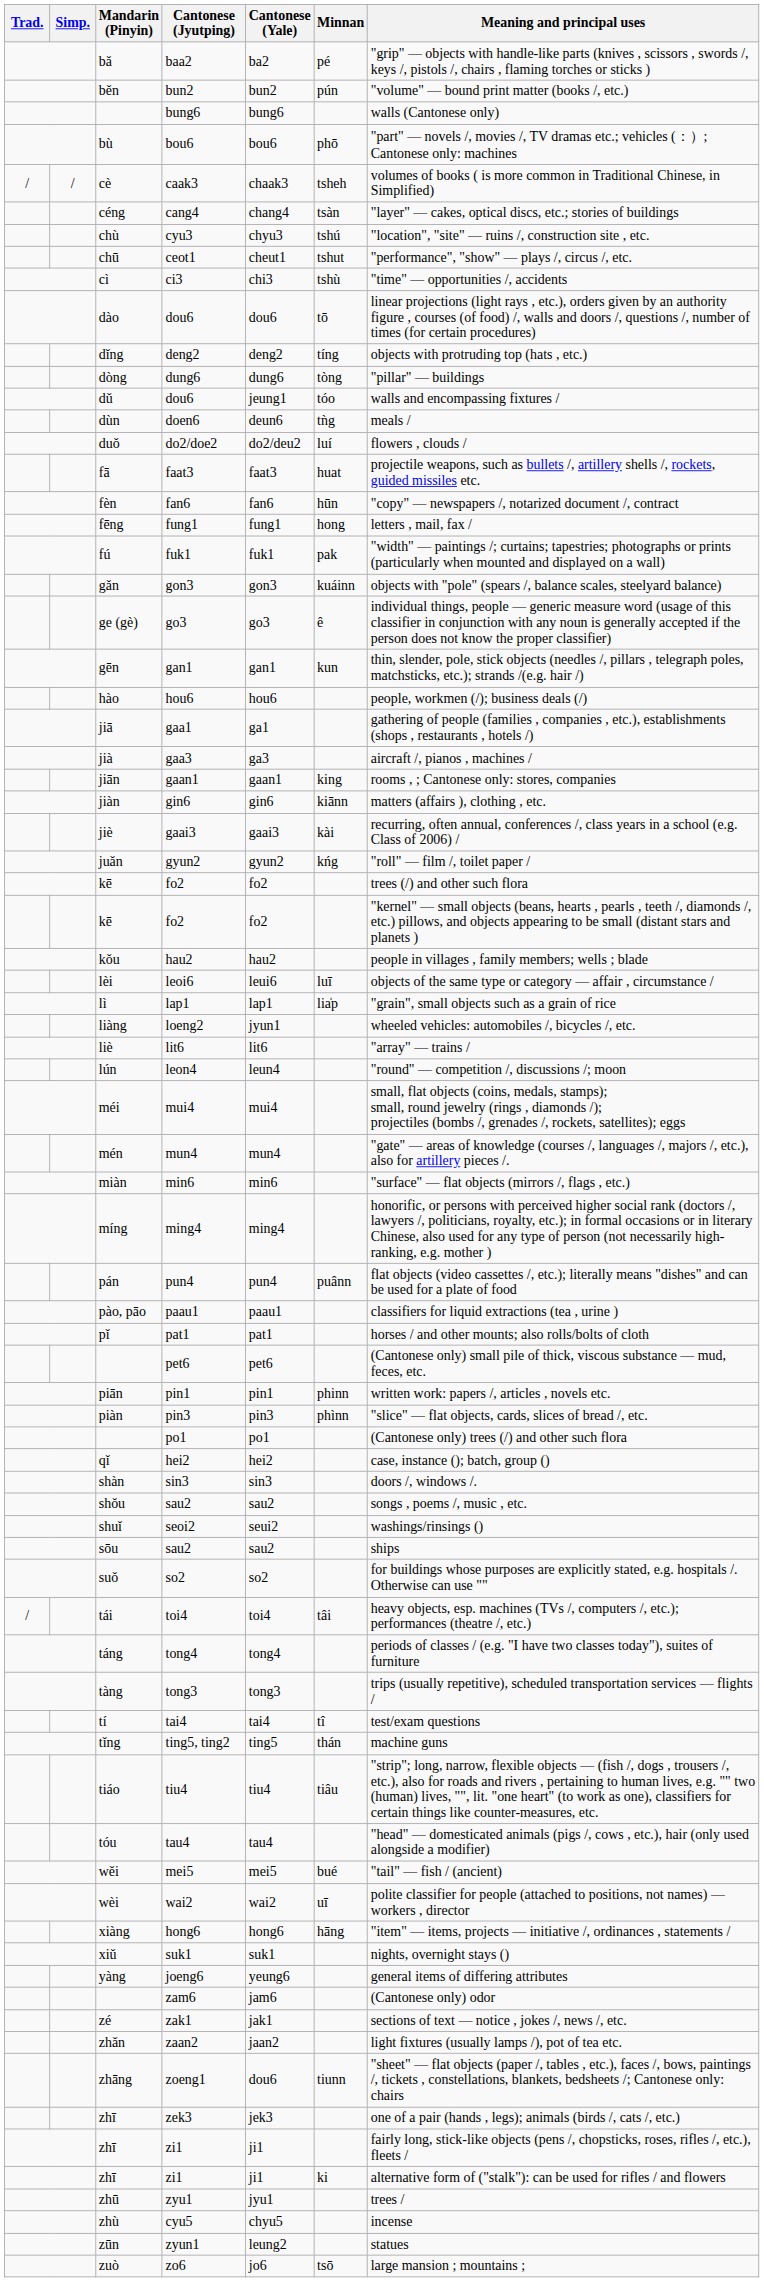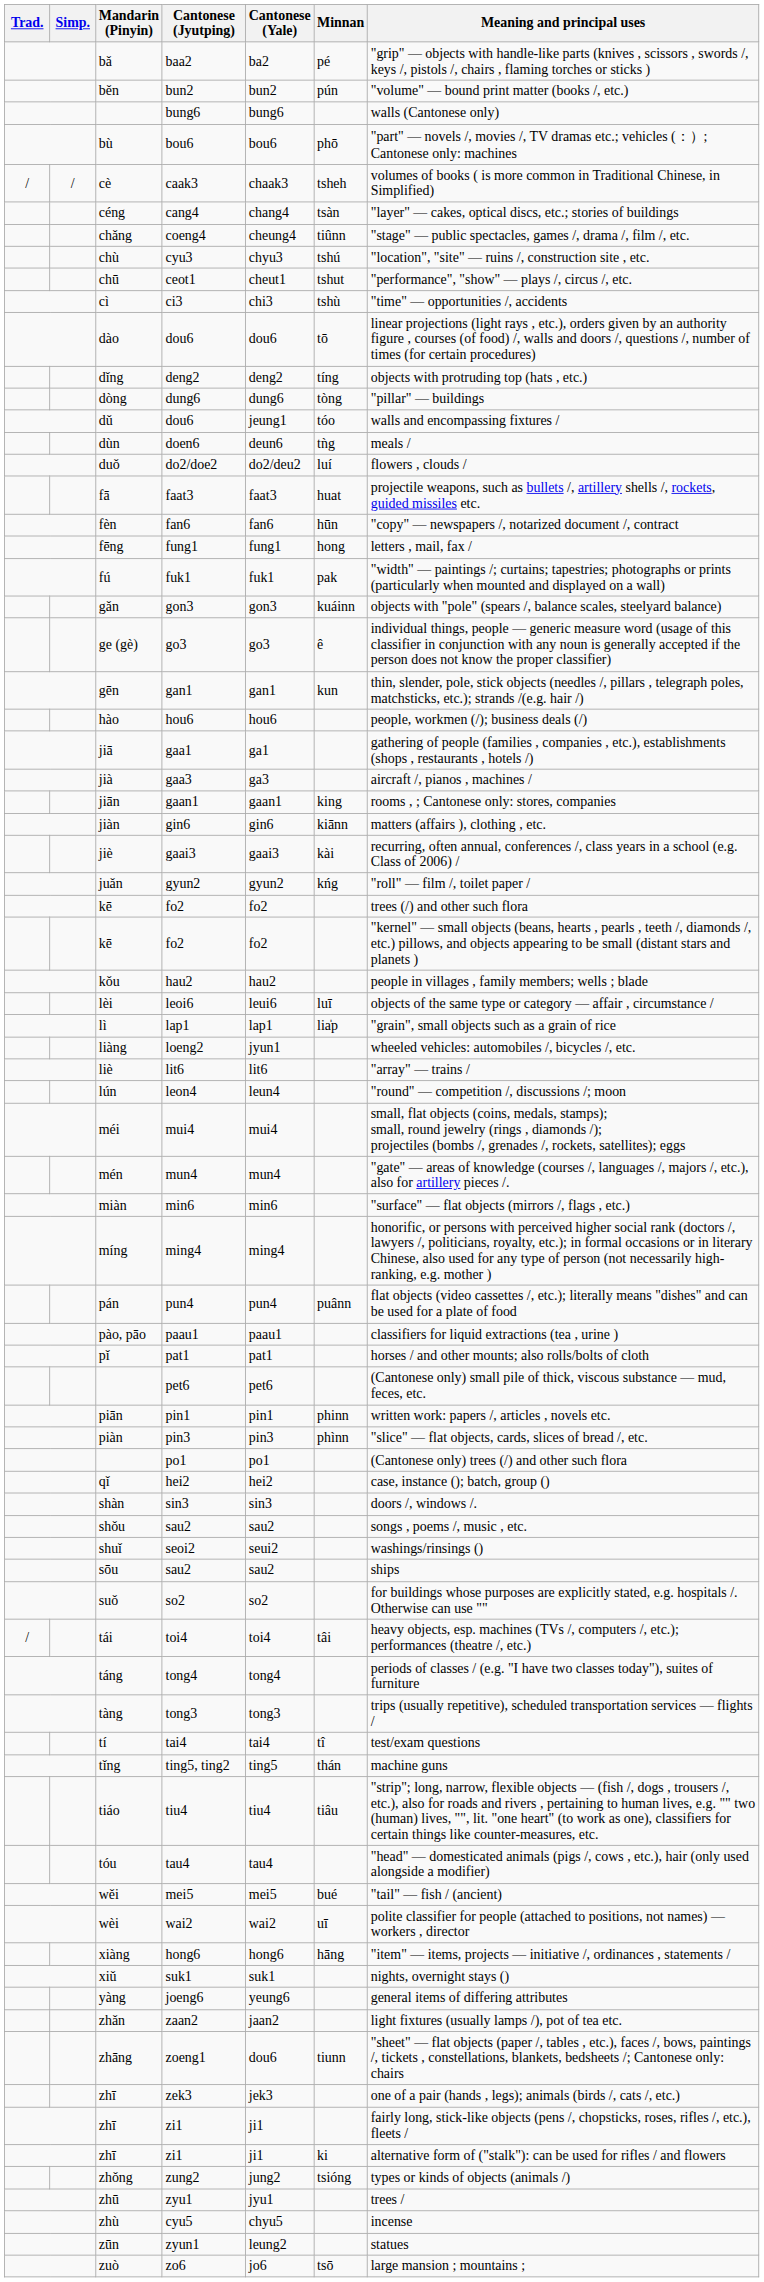 <table class="wikitable">
 <tr>
 <th width="45"><a href='#'>Trad.</a></th>
 <th width="45"><a href='#'>Simp.</a></th>
 <th>Mandarin<br>(Pinyin)</th>
 <th>Cantonese (Jyutping)</th>
 <th>Cantonese<br>(Yale)</th>
 <th>Minnan</th>
 <th>Meaning and principal uses</th>
 </tr>
 <tr>
 <td colspan="2" align="center"></td>
 <td>bǎ</td>
 <td>baa2</td>
 <td>ba2</td>
 <td>pé</td>
 <td>"grip" — objects with handle-like parts (knives , scissors , swords /, keys /, pistols /, chairs , flaming torches or sticks )</td>
 </tr>
 <tr>
 <td colspan="2" align="center"></td>
 <td>běn</td>
 <td>bun2</td>
 <td>bun2</td>
 <td>pún</td>
 <td>"volume" — bound print matter (books /, etc.)</td>
 </tr>
 <tr>
 <td colspan="2" align="center"></td>
 <td></td>
 <td>bung6</td>
 <td>bung6</td>
 <td></td>
 <td>walls  (Cantonese only)</td>
 </tr>
 <tr>
 <td colspan="2" align="center"></td>
 <td>bù</td>
 <td>bou6</td>
 <td>bou6</td>
 <td>phō</td>
 <td>"part" — novels /, movies /, TV dramas etc.; vehicles (：）; Cantonese only: machines</td>
 </tr>
 <tr>
 <td align="center">/</td>
 <td align="center">/</td>
 <td>cè</td>
 <td>caak3</td>
 <td>chaak3</td>
 <td>tsheh￻</td>
 <td>volumes of books ( is more common in Traditional Chinese,  in Simplified)</td>
 </tr>
 <tr>
 <td align="center"></td>
 <td align="center"></td>
 <td>céng</td>
 <td>cang4</td>
 <td>chang4</td>
 <td>tsàn</td>
 <td>"layer" — cakes, optical discs, etc.; stories of buildings</td>
+</tr>
+<tr>
+<td align="center"></td>
+<td align="center"></td>
+<td>chǎng</td>
+<td>coeng4</td>
+<td>cheung4</td>
+<td>tiûnn</td>
+<td>"stage" — public spectacles, games /, drama /, film /, etc.</td>
 </tr>
 <tr>
 <td align="center"></td>
 <td align="center"></td>
 <td>chù</td>
 <td>cyu3</td>
 <td>chyu3</td>
 <td>tshú</td>
 <td>"location", "site" — ruins /, construction site , etc.</td>
 </tr>
 <tr>
 <td align="center"></td>
 <td align="center"></td>
 <td>chū</td>
 <td>ceot1</td>
 <td>cheut1</td>
 <td>tshut</td>
 <td>"performance", "show" — plays /, circus /, etc.</td>
 </tr>
 <tr>
 <td colspan="2" align="center"></td>
 <td>cì</td>
 <td>ci3</td>
 <td>chi3</td>
 <td>tshù</td>
 <td>"time" — opportunities /, accidents </td>
 </tr>
 <tr>
 <td colspan="2" align="center"></td>
 <td>dào</td>
 <td>dou6</td>
 <td>dou6</td>
 <td>tō</td>
 <td>linear projections (light rays , etc.), orders given by an authority figure , courses (of food) /, walls and doors /, questions /, number of times (for certain procedures) </td>
 </tr>
 <tr>
 <td align="center"></td>
 <td align="center"></td>
 <td>dǐng</td>
 <td>deng2</td>
 <td>deng2</td>
 <td>tíng</td>
 <td>objects with protruding top (hats , etc.)</td>
 </tr>
 <tr>
 <td align="center"></td>
 <td align="center"></td>
 <td>dòng</td>
 <td>dung6</td>
 <td>dung6</td>
 <td>tòng</td>
 <td>"pillar" — buildings </td>
 </tr>
 <tr>
 <td colspan="2" align="center"></td>
 <td>dǔ</td>
 <td>dou6</td>
 <td>jeung1</td>
 <td>tóo</td>
 <td>walls and encompassing fixtures /</td>
 </tr>
 <tr>
 <td align="center"></td>
 <td align="center"></td>
 <td>dùn</td>
 <td>doen6</td>
 <td>deun6</td>
 <td>tǹg</td>
 <td>meals /</td>
 </tr>
 <tr>
 <td colspan="2" align="center"></td>
 <td>duǒ</td>
 <td>do2/doe2</td>
 <td>do2/deu2</td>
 <td>luí</td>
 <td>flowers , clouds /</td>
 </tr>
 <tr>
 <td align="center"></td>
 <td align="center"></td>
 <td>fā</td>
 <td>faat3</td>
 <td>faat3</td>
 <td>huat</td>
 <td>projectile weapons, such as <a href='#'>bullets</a> /, <a href='#'>artillery</a> shells /, <a href='#'>rockets</a>, <a href='#'>guided missiles</a> etc.</td>
 </tr>
 <tr>
 <td colspan="2" align="center"></td>
 <td>fèn</td>
 <td>fan6</td>
 <td>fan6</td>
 <td>hūn</td>
 <td>"copy" — newspapers /, notarized document /, contract </td>
 </tr>
 <tr>
 <td colspan="2" align="center"></td>
 <td>fēng</td>
 <td>fung1</td>
 <td>fung1</td>
 <td>hong</td>
 <td>letters , mail, fax /</td>
 </tr>
 <tr>
 <td colspan="2" align="center"></td>
 <td>fú</td>
 <td>fuk1</td>
 <td>fuk1</td>
 <td>pak</td>
 <td>"width" — paintings /; curtains; tapestries; photographs or prints (particularly when mounted and displayed on a wall)</td>
 </tr>
 <tr>
 <td align="center"></td>
 <td align="center"></td>
 <td>gǎn</td>
 <td>gon3</td>
 <td>gon3</td>
 <td>kuáinn</td>
 <td>objects with "pole" (spears /, balance scales, steelyard balance)</td>
 </tr>
 <tr>
 <td align="center"></td>
 <td align="center"></td>
 <td>ge (gè)</td>
 <td>go3</td>
 <td>go3</td>
 <td>ê</td>
 <td>individual things, people — generic measure word (usage of this classifier in conjunction with any noun is generally accepted if the person does not know the proper classifier)</td>
 </tr>
 <tr>
 <td colspan="2" align="center"></td>
 <td>gēn</td>
 <td>gan1</td>
 <td>gan1</td>
 <td>kun</td>
 <td>thin, slender, pole, stick objects (needles /, pillars , telegraph poles, matchsticks, etc.); strands /(e.g. hair /)</td>
 </tr>
 <tr>
 <td align="center"></td>
 <td align="center"></td>
 <td>hào</td>
 <td>hou6</td>
 <td>hou6</td>
 <td></td>
 <td>people, workmen (/); business deals (/)</td>
 </tr>
 <tr>
 <td colspan="2" align="center"></td>
 <td>jiā</td>
 <td>gaa1</td>
 <td>ga1</td>
 <td></td>
 <td>gathering of people (families , companies , etc.), establishments (shops , restaurants , hotels /)</td>
 </tr>
 <tr>
 <td colspan="2" align="center"></td>
 <td>jià</td>
 <td>gaa3</td>
 <td>ga3</td>
 <td></td>
 <td>aircraft /, pianos , machines /</td>
 </tr>
 <tr>
 <td align="center"></td>
 <td align="center"></td>
 <td>jiān</td>
 <td>gaan1</td>
 <td>gaan1</td>
 <td>king</td>
 <td>rooms , ; Cantonese only: stores, companies</td>
 </tr>
 <tr>
 <td colspan="2" align="center"></td>
 <td>jiàn</td>
 <td>gin6</td>
 <td>gin6</td>
 <td>kiānn</td>
 <td>matters (affairs ), clothing , etc.</td>
 </tr>
 <tr>
 <td align="center"></td>
 <td align="center"></td>
 <td>jiè</td>
 <td>gaai3</td>
 <td>gaai3</td>
 <td>kài</td>
 <td>recurring, often annual, conferences /, class years in a school (e.g. Class of 2006) /</td>
 </tr>
 <tr>
 <td colspan="2" align="center"></td>
 <td>juǎn</td>
 <td>gyun2</td>
 <td>gyun2</td>
 <td>kńg</td>
 <td>"roll" — film /, toilet paper /</td>
 </tr>
 <tr>
 <td colspan="2" align="center"></td>
 <td>kē</td>
 <td>fo2</td>
 <td>fo2</td>
 <td></td>
 <td>trees (/) and other such flora</td>
 </tr>
 <tr>
 <td align="center"></td>
 <td align="center"></td>
 <td>kē</td>
 <td>fo2</td>
 <td>fo2</td>
 <td></td>
 <td>"kernel" — small objects (beans, hearts , pearls , teeth /, diamonds /, etc.) pillows, and objects appearing to be small (distant stars  and planets )</td>
 </tr>
 <tr>
 <td colspan="2" align="center"></td>
 <td>kǒu</td>
 <td>hau2</td>
 <td>hau2</td>
 <td></td>
 <td>people in villages , family members; wells ; blade </td>
 </tr>
 <tr>
 <td align="center"></td>
 <td align="center"></td>
 <td>lèi</td>
 <td>leoi6</td>
 <td>leui6</td>
 <td>luī</td>
 <td>objects of the same type or category — affair , circumstance /</td>
 </tr>
 <tr>
 <td colspan="2" align="center"></td>
 <td>lì</td>
 <td>lap1</td>
 <td>lap1</td>
 <td>lia̍p</td>
 <td>"grain", small objects such as a grain of rice </td>
 </tr>
 <tr>
 <td align="center"></td>
 <td align="center"></td>
 <td>liàng</td>
 <td>loeng2</td>
 <td>jyun1</td>
 <td></td>
 <td>wheeled vehicles: automobiles /, bicycles /, etc.</td>
 </tr>
 <tr>
 <td colspan="2" align="center"></td>
 <td>liè</td>
 <td>lit6</td>
 <td>lit6</td>
 <td></td>
 <td>"array" — trains /</td>
 </tr>
 <tr>
 <td align="center"></td>
 <td align="center"></td>
 <td>lún</td>
 <td>leon4</td>
 <td>leun4</td>
 <td></td>
 <td>"round" — competition /, discussions /; moon </td>
 </tr>
 <tr>
 <td colspan="2" align="center"></td>
 <td>méi</td>
 <td>mui4</td>
 <td>mui4</td>
 <td></td>
 <td>small, flat objects (coins, medals, stamps);<br>small, round jewelry (rings , diamonds /);<br>projectiles (bombs /, grenades /, rockets, satellites); eggs </td>
 </tr>
 <tr>
 <td align="center"></td>
 <td align="center"></td>
 <td>mén</td>
 <td>mun4</td>
 <td>mun4</td>
 <td></td>
 <td>"gate" — areas of knowledge (courses /, languages /, majors /, etc.), also for <a href='#'>artillery</a> pieces /.</td>
 </tr>
 <tr>
 <td colspan="2" align="center"></td>
 <td>miàn</td>
 <td>min6</td>
 <td>min6</td>
 <td></td>
 <td>"surface" — flat objects (mirrors /, flags , etc.)</td>
 </tr>
 <tr>
 <td colspan="2" align="center"></td>
 <td>míng</td>
 <td>ming4</td>
 <td>ming4</td>
 <td></td>
 <td>honorific, or persons with perceived higher social rank (doctors /, lawyers /, politicians, royalty, etc.); in formal occasions or in literary Chinese, also used for any type of person (not necessarily high-ranking, e.g. mother )</td>
 </tr>
 <tr>
 <td align="center"></td>
 <td align="center"></td>
 <td>pán</td>
 <td>pun4</td>
 <td>pun4</td>
 <td>puânn</td>
 <td>flat objects (video cassettes /, etc.); literally means "dishes" and can be used for a plate of food</td>
 </tr>
 <tr>
 <td colspan="2" align="center"></td>
 <td>pào, pāo</td>
 <td>paau1</td>
 <td>paau1</td>
 <td></td>
 <td>classifiers for liquid extractions (tea , urine )</td>
 </tr>
 <tr>
 <td colspan="2" align="center"></td>
 <td>pǐ</td>
 <td>pat1</td>
 <td>pat1</td>
 <td></td>
 <td>horses / and other mounts; also rolls/bolts of cloth </td>
 </tr>
 <tr>
 <td align="center"></td>
 <td></td>
 <td></td>
 <td>pet6</td>
 <td>pet6</td>
 <td></td>
 <td>(Cantonese only) small pile of thick, viscous substance — mud, feces, etc.</td>
 </tr>
 <tr>
 <td colspan="2" align="center"></td>
 <td>piān</td>
 <td>pin1</td>
 <td>pin1</td>
 <td>phinn</td>
 <td>written work: papers /, articles , novels etc.</td>
 </tr>
 <tr>
 <td colspan="2" align="center"></td>
 <td>piàn</td>
 <td>pin3</td>
 <td>pin3</td>
 <td>phìnn</td>
 <td>"slice" — flat objects, cards, slices of bread /, etc.</td>
 </tr>
 <tr>
 <td colspan="2" align="center"></td>
 <td></td>
 <td>po1</td>
 <td>po1</td>
 <td></td>
 <td>(Cantonese only) trees (/) and other such flora</td>
 </tr>
 <tr>
 <td colspan="2" align="center"></td>
 <td>qǐ</td>
 <td>hei2</td>
 <td>hei2</td>
 <td></td>
 <td>case, instance (); batch, group ()</td>
 </tr>
 <tr>
 <td colspan="2" align="center"></td>
 <td>shàn</td>
 <td>sin3</td>
 <td>sin3</td>
 <td></td>
 <td>doors /, windows /.</td>
 </tr>
 <tr>
 <td colspan="2" align="center"></td>
 <td>shǒu</td>
 <td>sau2</td>
 <td>sau2</td>
 <td></td>
 <td>songs , poems /, music , etc.</td>
 </tr>
 <tr>
 <td colspan="2" align="center"></td>
 <td>shuǐ</td>
 <td>seoi2</td>
 <td>seui2</td>
 <td></td>
 <td>washings/rinsings ()</td>
 </tr>
 <tr>
 <td colspan="2" align="center"></td>
 <td>sōu</td>
 <td>sau2</td>
 <td>sau2</td>
 <td></td>
 <td>ships </td>
 </tr>
 <tr>
 <td colspan="2" align="center"></td>
 <td>suǒ</td>
 <td>so2</td>
 <td>so2</td>
 <td></td>
 <td>for buildings whose purposes are explicitly stated, e.g. hospitals /. Otherwise can use ""</td>
 </tr>
 <tr>
 <td align="center">/</td>
 <td align="center"></td>
 <td>tái</td>
 <td>toi4</td>
 <td>toi4</td>
 <td>tâi</td>
 <td>heavy objects, esp. machines (TVs /, computers /, etc.); performances (theatre /, etc.)</td>
 </tr>
 <tr>
 <td colspan="2" align="center"></td>
 <td>táng</td>
 <td>tong4</td>
 <td>tong4</td>
 <td></td>
 <td>periods of classes / (e.g. "I have two classes today"), suites of furniture</td>
 </tr>
 <tr>
 <td colspan="2" align="center"></td>
 <td>tàng</td>
 <td>tong3</td>
 <td>tong3</td>
 <td></td>
 <td>trips (usually repetitive), scheduled transportation services — flights /</td>
 </tr>
 <tr>
 <td align="center"></td>
 <td align="center"></td>
 <td>tí</td>
 <td>tai4</td>
 <td>tai4</td>
 <td>tî</td>
 <td>test/exam questions</td>
 </tr>
 <tr>
 <td colspan="2" align="center"></td>
 <td>tǐng</td>
 <td>ting5, ting2</td>
 <td>ting5</td>
 <td>thán</td>
 <td>machine guns </td>
 </tr>
 <tr>
 <td align="center"></td>
 <td align="center"></td>
 <td>tiáo</td>
 <td>tiu4</td>
 <td>tiu4</td>
 <td>tiâu</td>
 <td>"strip"; long, narrow, flexible objects — (fish /, dogs , trousers /, etc.), also for roads  and rivers , pertaining to human lives, e.g. "" two (human) lives, "", lit. "one heart" (to work as one), classifiers for certain things like counter-measures, etc.</td>
 </tr>
 <tr>
 <td align="center"></td>
 <td align="center"></td>
 <td>tóu</td>
 <td>tau4</td>
 <td>tau4</td>
 <td></td>
 <td>"head" — domesticated animals  (pigs /, cows , etc.), hair (only used alongside a modifier)</td>
 </tr>
 <tr>
 <td colspan="2" align="center"></td>
 <td>wěi</td>
 <td>mei5</td>
 <td>mei5</td>
 <td>bué</td>
 <td>"tail" — fish / (ancient)</td>
 </tr>
 <tr>
 <td colspan="2" align="center"></td>
 <td>wèi</td>
 <td>wai2</td>
 <td>wai2</td>
 <td>uī</td>
 <td>polite classifier for people (attached to positions, not names) — workers , director </td>
 </tr>
 <tr>
 <td align="center"></td>
 <td align="center"></td>
 <td>xiàng</td>
 <td>hong6</td>
 <td>hong6</td>
 <td>hāng</td>
 <td>"item" — items, projects — initiative /, ordinances , statements /</td>
 </tr>
 <tr>
 <td colspan="2" align="center"></td>
 <td>xiǔ</td>
 <td>suk1</td>
 <td>suk1</td>
 <td></td>
 <td>nights, overnight stays ()</td>
 </tr>
 <tr>
 <td align="center"></td>
 <td align="center"></td>
 <td>yàng</td>
 <td>joeng6</td>
 <td>yeung6</td>
 <td></td>
 <td>general items of differing attributes</td>
 </tr>
 <tr>
 <td align="center"></td>
-<td></td>
-<td></td>
-<td>zam6</td>
-<td>jam6</td>
-<td></td>
-<td>(Cantonese only) odor </td>
-</tr>
-<tr>
-<td align="center"></td>
-<td align="center"></td>
-<td>zé</td>
-<td>zak1</td>
-<td>jak1</td>
-<td></td>
-<td>sections of text — notice , jokes /, news /, etc.</td>
-</tr>
-<tr>
-<td align="center"></td>
 <td align="center"></td>
 <td>zhǎn</td>
 <td>zaan2</td>
 <td>jaan2</td>
 <td></td>
 <td>light fixtures (usually lamps /), pot of tea etc.</td>
 </tr>
 <tr>
 <td align="center"></td>
 <td align="center"></td>
 <td>zhāng</td>
 <td>zoeng1</td>
 <td>dou6</td>
 <td>tiunn</td>
 <td>"sheet" — flat objects (paper /, tables , etc.), faces /, bows, paintings /, tickets , constellations, blankets, bedsheets /; Cantonese only: chairs </td>
 </tr>
 <tr>
 <td align="center"></td>
 <td align="center"></td>
 <td>zhī</td>
 <td>zek3</td>
 <td>jek3</td>
 <td></td>
 <td>one of a pair (hands , legs); animals (birds /, cats /, etc.)</td>
 </tr>
 <tr>
 <td colspan="2" align="center"></td>
 <td>zhī</td>
 <td>zi1</td>
 <td>ji1</td>
 <td></td>
 <td>fairly long, stick-like objects (pens /, chopsticks, roses, rifles /, etc.), fleets /</td>
 </tr>
 <tr>
 <td colspan="2" align="center"></td>
 <td>zhī</td>
 <td>zi1</td>
 <td>ji1</td>
 <td>ki</td>
 <td>alternative form of  ("stalk"): can be used for rifles / and flowers</td>
 </tr>
 <tr>
+<td align="center"></td>
+<td align="center"></td>
+<td>zhǒng</td>
+<td>zung2</td>
+<td>jung2</td>
+<td>tsióng</td>
+<td>types or kinds of objects (animals /)</td>
+</tr>
+<tr>
 <td colspan="2" align="center"></td>
 <td>zhū</td>
 <td>zyu1</td>
 <td>jyu1</td>
 <td></td>
 <td>trees /</td>
 </tr>
 <tr>
 <td colspan="2" align="center"></td>
 <td>zhù</td>
 <td>cyu5</td>
 <td>chyu5</td>
 <td></td>
 <td>incense </td>
 </tr>
 <tr>
 <td colspan="2" align="center"></td>
 <td>zūn</td>
 <td>zyun1</td>
 <td>leung2</td>
 <td></td>
 <td>statues </td>
 </tr>
 <tr>
 <td colspan="2" align="center"></td>
 <td>zuò</td>
 <td>zo6</td>
 <td>jo6</td>
 <td>tsō</td>
 <td>large mansion ; mountains ;</td>
 </tr>
 </table>
